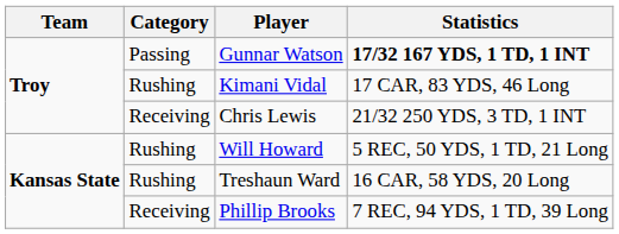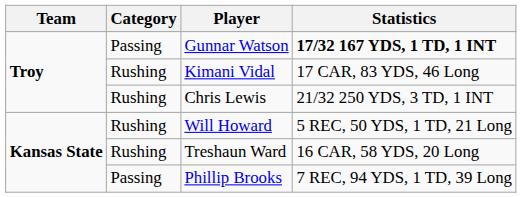 <table class="wikitable" style="float: right;">
 <tr>
 <th>Team</th>
 <th>Category</th>
 <th>Player</th>
 <th>Statistics</th>
 </tr>
 <tr>
 <td rowspan=3><strong>Troy</strong></td>
 <td>Passing</td>
 <td><a href='#'>Gunnar Watson</a></td>
 <td><strong>17/32 167 YDS, 1 TD, 1 INT</strong></td>
 </tr>
 <tr>
 <td>Rushing</td>
 <td><a href='#'>Kimani Vidal</a></td>
 <td>17 CAR, 83 YDS, 46 Long</td>
 </tr>
 <tr>
-<td>Receiving</td>
+<td>Rushing</td>
 <td>Chris Lewis</td>
 <td>21/32 250 YDS, 3 TD, 1 INT</td>
 </tr>
 <tr>
 <td rowspan=3><strong>Kansas State</strong></td>
 <td>Rushing</td>
 <td><a href='#'>Will Howard</a></td>
 <td>5 REC, 50 YDS, 1 TD, 21 Long</td>
 </tr>
 <tr>
 <td>Rushing</td>
 <td>Treshaun Ward</td>
 <td>16 CAR, 58 YDS, 20 Long</td>
 </tr>
 <tr>
-<td>Receiving</td>
+<td>Passing</td>
 <td><a href='#'>Phillip Brooks</a></td>
 <td>7 REC, 94 YDS, 1 TD, 39 Long</td>
 </tr>
 </table>
